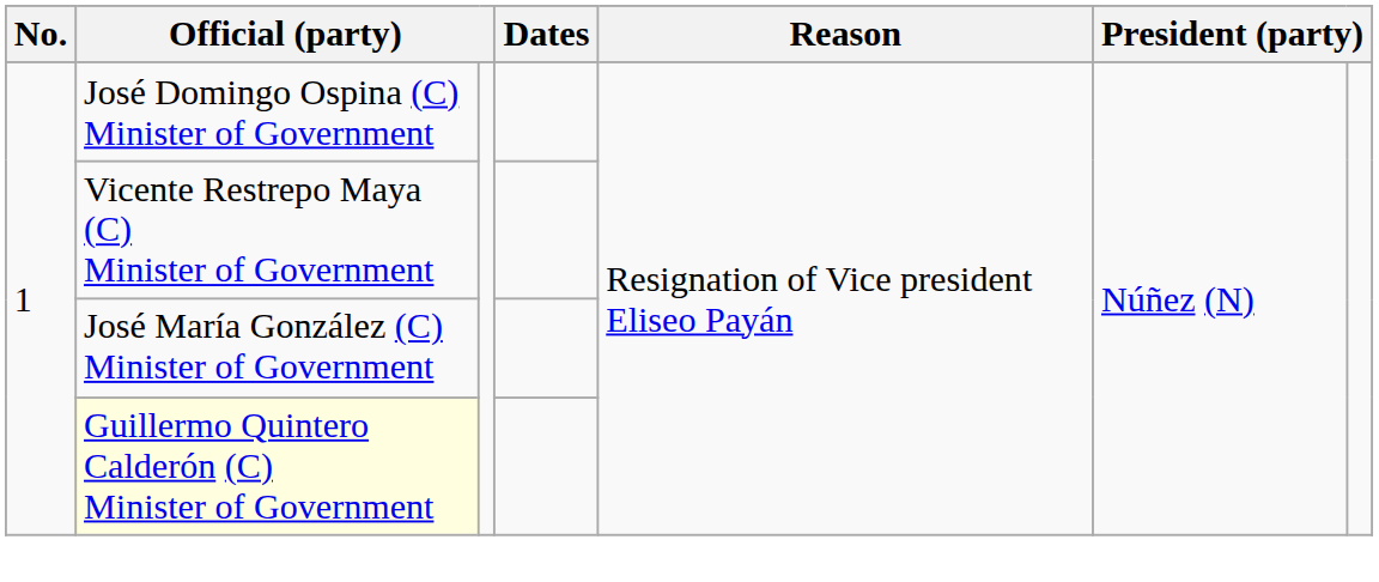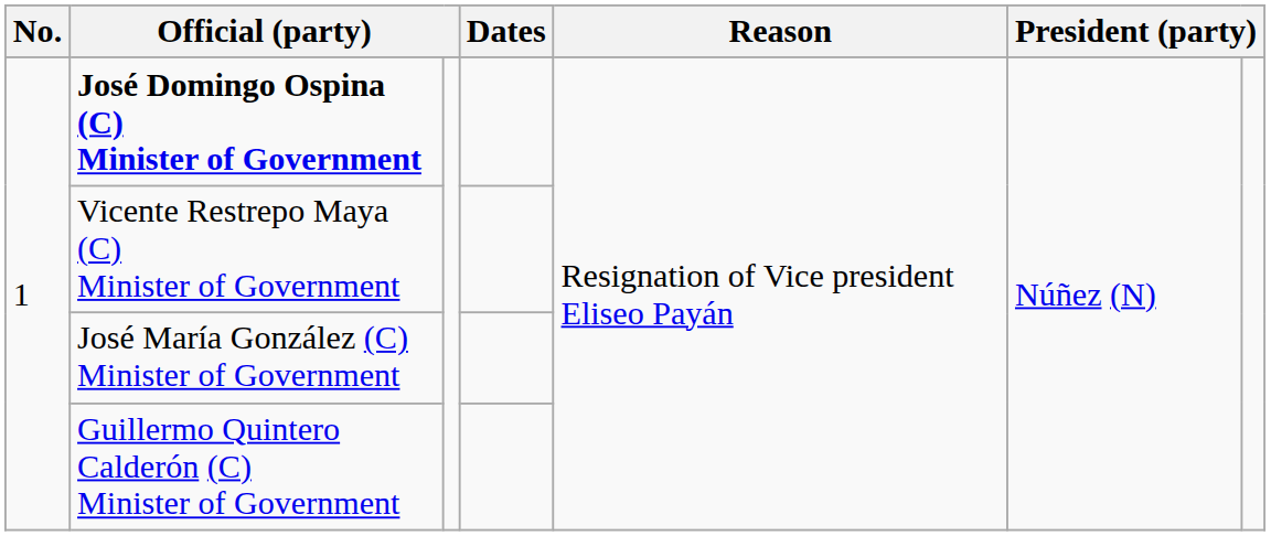 <table class=wikitable>
 <tr>
 <th><abbr>No.</abbr></th>
 <th colspan=2>Official (party)</th>
 <th>Dates</th>
 <th>Reason</th>
 <th colspan=2>President (party)</th>
 </tr>
 <tr>
 <td rowspan=4>1</td>
-<td>José Domingo Ospina <a href='#'>(C)</a><br><a href='#'>Minister of Government</a></td>
+<td><strong>José Domingo Ospina <a href='#'>(C)</a><br><a href='#'>Minister of Government</a></strong></td>
 <td rowspan=5 style="background-color:"></td>
 <td nowrap></td>
 <td rowspan=5>Resignation of Vice president <a href='#'>Eliseo Payán</a></td>
 <td rowspan=5><a href='#'>Núñez</a> <a href='#'>(N)</a></td>
 <td rowspan=5 style="background-color:"></td>
 </tr>
 <tr>
 <td>Vicente Restrepo Maya <a href='#'>(C)</a><br><a href='#'>Minister of Government</a></td>
 <td nowrap></td>
 </tr>
 <tr>
 <td>José María González <a href='#'>(C)</a><br><a href='#'>Minister of Government</a></td>
 <td nowrap></td>
 </tr>
 <tr>
-<td style="background: lightyellow;"><a href='#'>Guillermo Quintero Calderón</a> <a href='#'>(C)</a><br><a href='#'>Minister of Government</a></td>
+<td><a href='#'>Guillermo Quintero Calderón</a> <a href='#'>(C)</a><br><a href='#'>Minister of Government</a></td>
 <td nowrap></td>
 </tr>
 </table>
